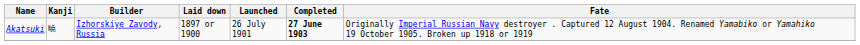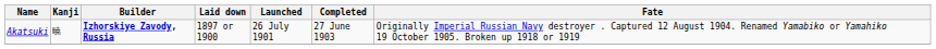 <table class="wikitable" style="font-size:90%;">
 <tr>
 <th>Name</th>
 <th>Kanji</th>
 <th>Builder</th>
 <th>Laid down</th>
 <th>Launched</th>
 <th>Completed</th>
 <th>Fate</th>
 </tr>
 <tr>
 <td><a href='#'><em>Akatsuki</em></a></td>
 <td>暁</td>
-<td><a href='#'>Izhorskiye Zavody</a>,  <a href='#'>Russia</a></td>
+<td><strong><a href='#'>Izhorskiye Zavody</a>,  <a href='#'>Russia</a></strong></td>
 <td>1897 or 1900</td>
 <td>26 July 1901</td>
-<td><strong>27 June 1903</strong></td>
+<td>27 June 1903</td>
 <td>Originally <a href='#'>Imperial Russian Navy</a> destroyer . Captured 12 August 1904. Renamed <em>Yamabiko</em> or <em>Yamahiko</em> 19 October 1905. Broken up 1918 or 1919</td>
 </tr>
 <tr>
 </tr>
 </table>
